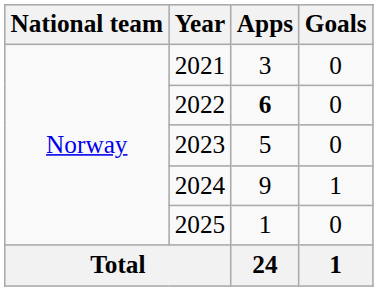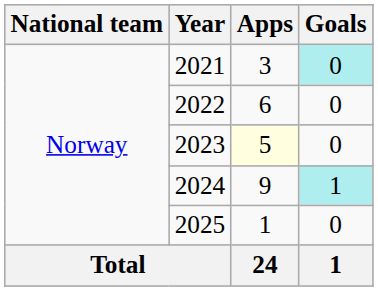 <table class="wikitable" style="text-align:center">
 <tr>
 <th>National team</th>
 <th>Year</th>
 <th>Apps</th>
 <th>Goals</th>
 </tr>
 <tr>
 <td rowspan="5"><a href='#'>Norway</a></td>
 <td>2021</td>
 <td>3</td>
-<td>0</td>
+<td style="background: paleturquoise;">0</td>
 </tr>
 <tr>
 <td>2022</td>
-<td><strong>6</strong></td>
+<td>6</td>
 <td>0</td>
 </tr>
 <tr>
 <td>2023</td>
-<td>5</td>
+<td style="background: lightyellow;">5</td>
 <td>0</td>
 </tr>
 <tr>
 <td>2024</td>
 <td>9</td>
-<td>1</td>
+<td style="background: paleturquoise;">1</td>
 </tr>
 <tr>
 <td>2025</td>
 <td>1</td>
 <td>0</td>
 </tr>
 <tr>
 <th colspan="2">Total</th>
 <th>24</th>
 <th>1</th>
 </tr>
 </table>
